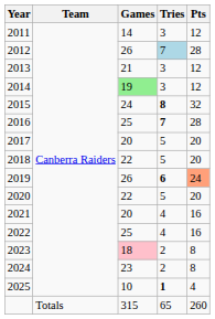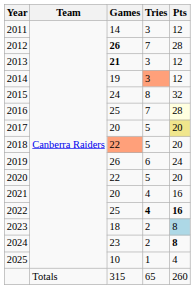 <table class="wikitable">
 <tr>
 <th>Year</th>
 <th>Team</th>
 <th>Games</th>
 <th>Tries</th>
 <th>Pts</th>
 </tr>
 <tr>
 <td>2011</td>
 <td rowspan="15"> <a href='#'>Canberra Raiders</a></td>
 <td>14</td>
 <td>3</td>
 <td>12</td>
 </tr>
 <tr>
 <td>2012</td>
-<td>26</td>
-<td style="background: lightblue;">7</td>
+<td><strong>26</strong></td>
+<td>7</td>
 <td>28</td>
 </tr>
 <tr>
 <td>2013</td>
-<td>21</td>
+<td><strong>21</strong></td>
 <td>3</td>
 <td>12</td>
 </tr>
 <tr>
 <td>2014</td>
-<td style="background: lightgreen;">19</td>
-<td>3</td>
+<td>19</td>
+<td style="background: lightsalmon;">3</td>
 <td>12</td>
 </tr>
 <tr>
 <td>2015</td>
 <td>24</td>
-<td><strong>8</strong></td>
+<td>8</td>
 <td>32</td>
 </tr>
 <tr>
 <td>2016</td>
 <td>25</td>
-<td><strong>7</strong></td>
-<td>28</td>
+<td>7</td>
+<td style="background: lightyellow;">28</td>
 </tr>
 <tr>
 <td>2017</td>
 <td>20</td>
 <td>5</td>
-<td>20</td>
+<td style="background: khaki;">20</td>
 </tr>
 <tr>
 <td>2018</td>
-<td>22</td>
+<td style="background: lightsalmon;">22</td>
 <td>5</td>
 <td>20</td>
 </tr>
 <tr>
 <td>2019</td>
 <td>26</td>
-<td><strong>6</strong></td>
-<td style="background: lightsalmon;">24</td>
+<td>6</td>
+<td>24</td>
 </tr>
 <tr>
 <td>2020</td>
 <td>22</td>
 <td>5</td>
 <td>20</td>
 </tr>
 <tr>
 <td>2021</td>
 <td>20</td>
 <td>4</td>
 <td>16</td>
 </tr>
 <tr>
 <td>2022</td>
 <td>25</td>
-<td>4</td>
-<td>16</td>
+<td><strong>4</strong></td>
+<td><strong>16</strong></td>
 </tr>
 <tr>
 <td>2023</td>
-<td style="background: pink;">18</td>
+<td>18</td>
 <td>2</td>
-<td>8</td>
+<td style="background: lightblue;">8</td>
 </tr>
 <tr>
 <td>2024</td>
 <td>23</td>
 <td>2</td>
-<td>8</td>
+<td><strong>8</strong></td>
 </tr>
 <tr>
 <td>2025</td>
 <td>10</td>
-<td><strong>1</strong></td>
+<td>1</td>
 <td>4</td>
 </tr>
 <tr>
 <td></td>
 <td>Totals</td>
 <td>315</td>
 <td>65</td>
 <td>260</td>
 </tr>
 </table>
